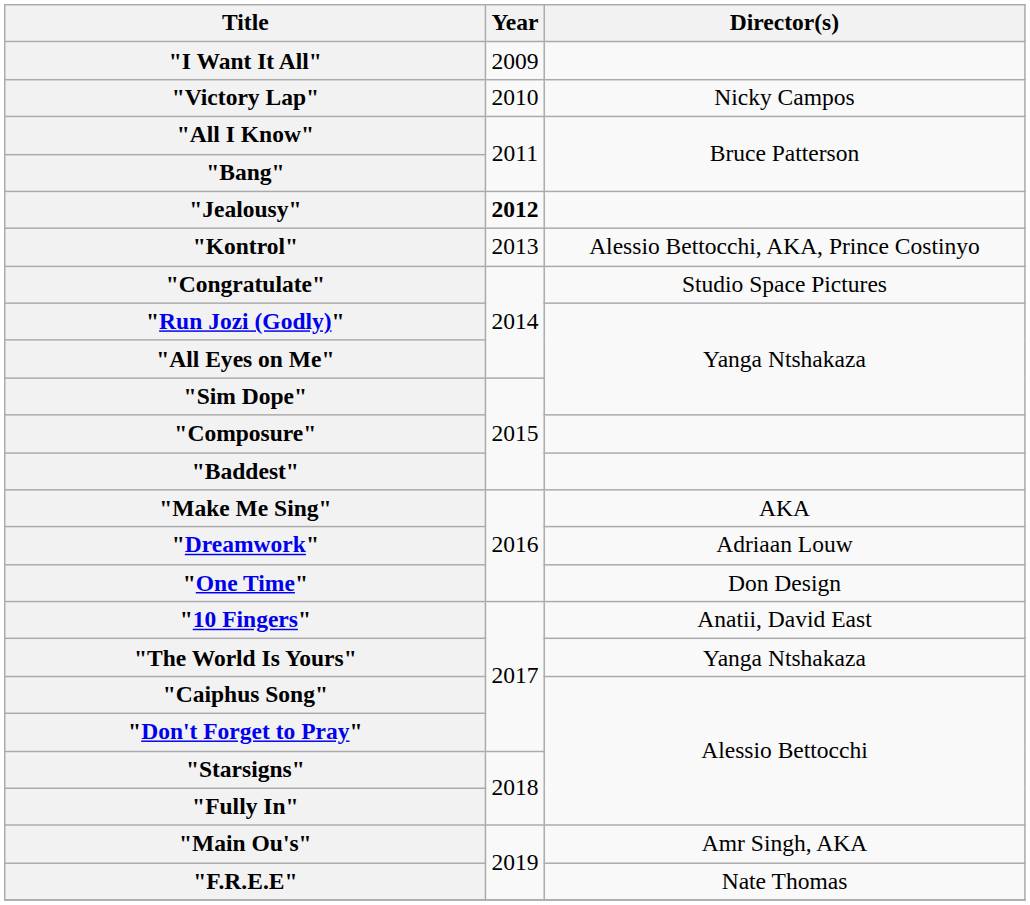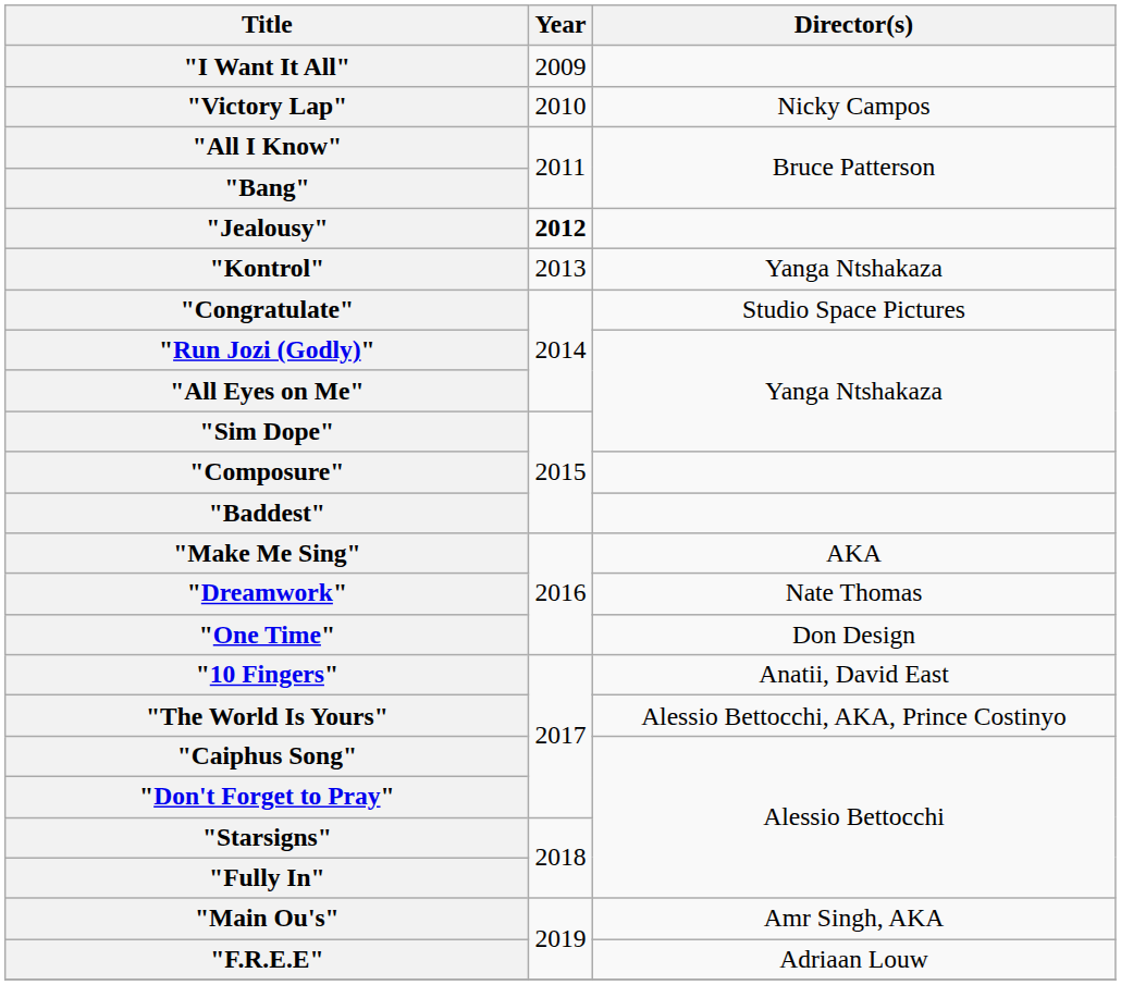 <table class="wikitable plainrowheaders" style="text-align:center;">
 <tr>
 <th scope="col" style="width:20em;">Title</th>
 <th scope="col" style="width:2em;">Year</th>
 <th scope="col" style="width:20em;">Director(s)</th>
 </tr>
 <tr>
 <th scope="row">"I Want It All"<br></th>
 <td>2009</td>
 <td></td>
 </tr>
 <tr>
 <th scope="row">"Victory Lap"</th>
 <td>2010</td>
 <td>Nicky Campos</td>
 </tr>
 <tr>
 <th scope="row">"All I Know"</th>
 <td rowspan="2">2011</td>
 <td rowspan="2">Bruce Patterson</td>
 </tr>
 <tr>
 <th scope="row">"Bang"<br></th>
 </tr>
 <tr>
 <th scope="row">"Jealousy"</th>
 <td><strong>2012</strong></td>
 <td></td>
 </tr>
 <tr>
 <th scope="row">"Kontrol"<br></th>
 <td>2013</td>
-<td>Alessio Bettocchi, AKA, Prince Costinyo</td>
+<td>Yanga Ntshakaza</td>
 </tr>
 <tr>
 <th scope="row">"Congratulate"</th>
 <td rowspan="3">2014</td>
 <td>Studio Space Pictures</td>
 </tr>
 <tr>
 <th scope="row">"<a href='#'>Run Jozi (Godly)</a>"<br></th>
 <td rowspan="3">Yanga Ntshakaza</td>
 </tr>
 <tr>
 <th scope="row">"All Eyes on Me"<br></th>
 </tr>
 <tr>
 <th scope="row">"Sim Dope"</th>
 <td rowspan="3">2015</td>
 </tr>
 <tr>
 <th scope="row">"Composure"</th>
 <td></td>
 </tr>
 <tr>
 <th scope="row">"Baddest"<br></th>
 <td></td>
 </tr>
 <tr>
 <th scope="row">"Make Me Sing"<br></th>
 <td rowspan="3">2016</td>
 <td>AKA</td>
 </tr>
 <tr>
 <th scope="row">"<a href='#'>Dreamwork</a>"<br></th>
-<td>Adriaan Louw</td>
+<td>Nate Thomas</td>
 </tr>
 <tr>
 <th scope="row">"<a href='#'>One Time</a>"</th>
 <td>Don Design</td>
 </tr>
 <tr>
 <th scope="row">"<a href='#'>10 Fingers</a>"<br></th>
 <td rowspan="4">2017</td>
 <td>Anatii, David East</td>
 </tr>
 <tr>
 <th scope="row">"The World Is Yours"</th>
-<td>Yanga Ntshakaza</td>
+<td>Alessio Bettocchi, AKA, Prince Costinyo</td>
 </tr>
 <tr>
 <th scope="row">"Caiphus Song"</th>
 <td rowspan="4">Alessio Bettocchi</td>
 </tr>
 <tr>
 <th scope="row">"<a href='#'>Don't Forget to Pray</a>"<br></th>
 </tr>
 <tr>
 <th scope="row">"Starsigns"<br></th>
 <td rowspan="2">2018</td>
 </tr>
 <tr>
 <th scope="row">"Fully In"</th>
 </tr>
 <tr>
 <th scope="row">"Main Ou's"<br></th>
 <td rowspan="2">2019</td>
 <td>Amr Singh, AKA</td>
 </tr>
 <tr>
 <th scope="row">"F.R.E.E"<br></th>
-<td>Nate Thomas</td>
+<td>Adriaan Louw</td>
 </tr>
 <tr>
 </tr>
 </table>
